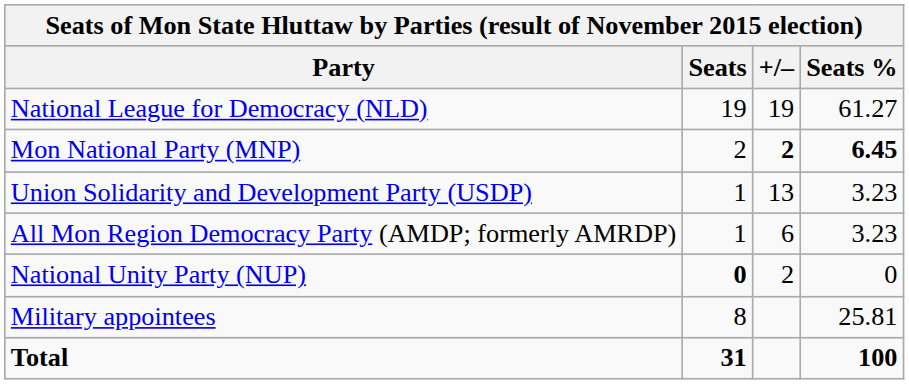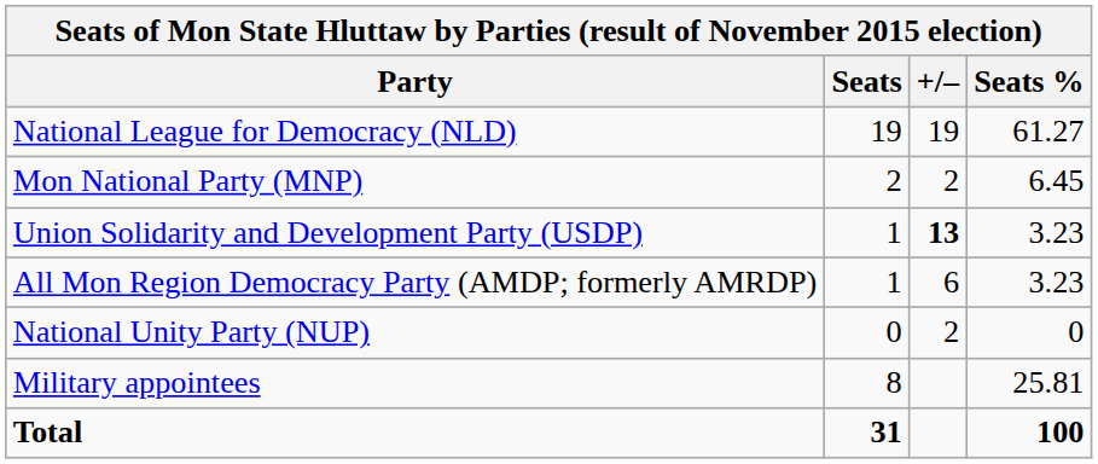 <table class=wikitable style=text-align:right>
 <tr>
 <th colspan="4">Seats of Mon State Hluttaw by Parties (result of November 2015 election)</th>
 </tr>
 <tr>
 <th>Party</th>
 <th>Seats</th>
 <th>+/–</th>
 <th>Seats %</th>
 </tr>
 <tr>
 <td align=left><a href='#'>National League for Democracy (NLD)</a></td>
 <td>19</td>
 <td>19</td>
 <td>61.27</td>
 </tr>
 <tr>
 <td align=left><a href='#'>Mon National Party (MNP)</a></td>
 <td>2</td>
-<td><strong>2</strong></td>
-<td><strong>6.45</strong></td>
+<td>2</td>
+<td>6.45</td>
 </tr>
 <tr>
 <td align=left><a href='#'>Union Solidarity and Development Party (USDP)</a></td>
 <td>1</td>
-<td>13</td>
+<td><strong>13</strong></td>
 <td>3.23</td>
 </tr>
 <tr>
 <td align=left><a href='#'>All Mon Region Democracy Party</a> (AMDP; formerly AMRDP)</td>
 <td>1</td>
 <td>6</td>
 <td>3.23</td>
 </tr>
 <tr>
 <td align=left><a href='#'>National Unity Party (NUP)</a></td>
-<td><strong>0</strong></td>
+<td>0</td>
 <td>2</td>
 <td>0</td>
 </tr>
 <tr>
 <td align=left><a href='#'>Military appointees</a></td>
 <td>8</td>
 <td></td>
 <td>25.81</td>
 </tr>
 <tr>
 <td align=left><strong>Total</strong></td>
 <td><strong>31</strong></td>
 <td></td>
 <td><strong>100</strong></td>
 </tr>
 </table>
